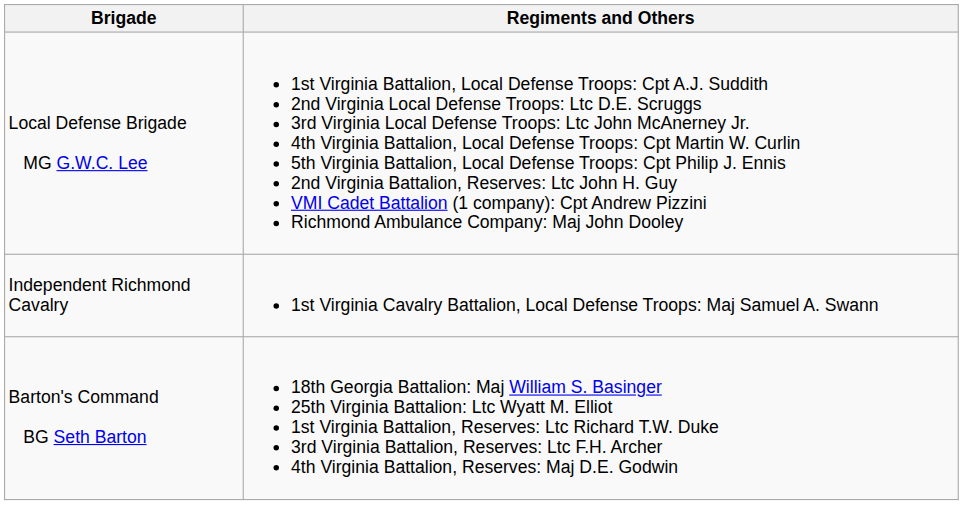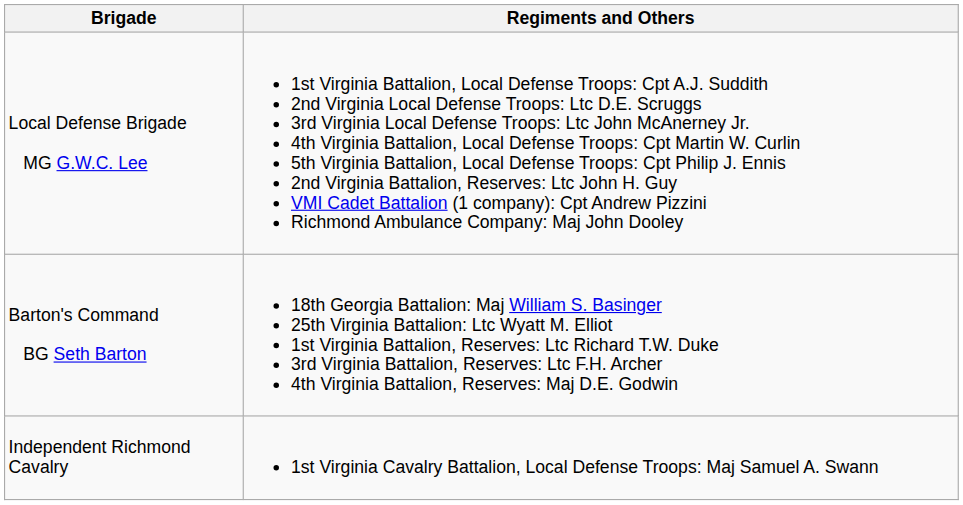 <table class="wikitable">
 <tr>
 <th width=25%>Brigade</th>
 <th>Regiments and Others</th>
 </tr>
 <tr>
 <td>Local Defense Brigade<br><br>   MG <a href='#'>G.W.C. Lee</a></td>
 <td><br><ul><li>1st Virginia Battalion, Local Defense Troops: Cpt A.J. Suddith</li><li>2nd Virginia Local Defense Troops: Ltc D.E. Scruggs</li><li>3rd Virginia Local Defense Troops: Ltc John McAnerney Jr.</li><li>4th Virginia Battalion, Local Defense Troops: Cpt Martin W. Curlin</li><li>5th Virginia Battalion, Local Defense Troops: Cpt Philip J. Ennis</li><li>2nd Virginia Battalion, Reserves: Ltc John H. Guy</li><li><a href='#'>VMI Cadet Battalion</a> (1 company): Cpt Andrew Pizzini</li><li>Richmond Ambulance Company: Maj John Dooley</li></ul></td>
 </tr>
 <tr>
+<td>Barton's Command<br><br>   BG <a href='#'>Seth Barton</a></td>
+<td><br><ul><li>18th Georgia Battalion: Maj <a href='#'>William S. Basinger</a></li><li>25th Virginia Battalion: Ltc Wyatt M. Elliot</li><li>1st Virginia Battalion, Reserves: Ltc Richard T.W. Duke</li><li>3rd Virginia Battalion, Reserves: Ltc F.H. Archer</li><li>4th Virginia Battalion, Reserves: Maj D.E. Godwin</li></ul></td>
+</tr>
+<tr>
 <td>Independent Richmond Cavalry</td>
 <td><br><ul><li>1st Virginia Cavalry Battalion, Local Defense Troops: Maj Samuel A. Swann</li></ul></td>
 </tr>
-<tr>
-<td>Barton's Command<br><br>   BG <a href='#'>Seth Barton</a></td>
-<td><br><ul><li>18th Georgia Battalion: Maj <a href='#'>William S. Basinger</a></li><li>25th Virginia Battalion: Ltc Wyatt M. Elliot</li><li>1st Virginia Battalion, Reserves: Ltc Richard T.W. Duke</li><li>3rd Virginia Battalion, Reserves: Ltc F.H. Archer</li><li>4th Virginia Battalion, Reserves: Maj D.E. Godwin</li></ul></td>
-</tr>
 </table>
